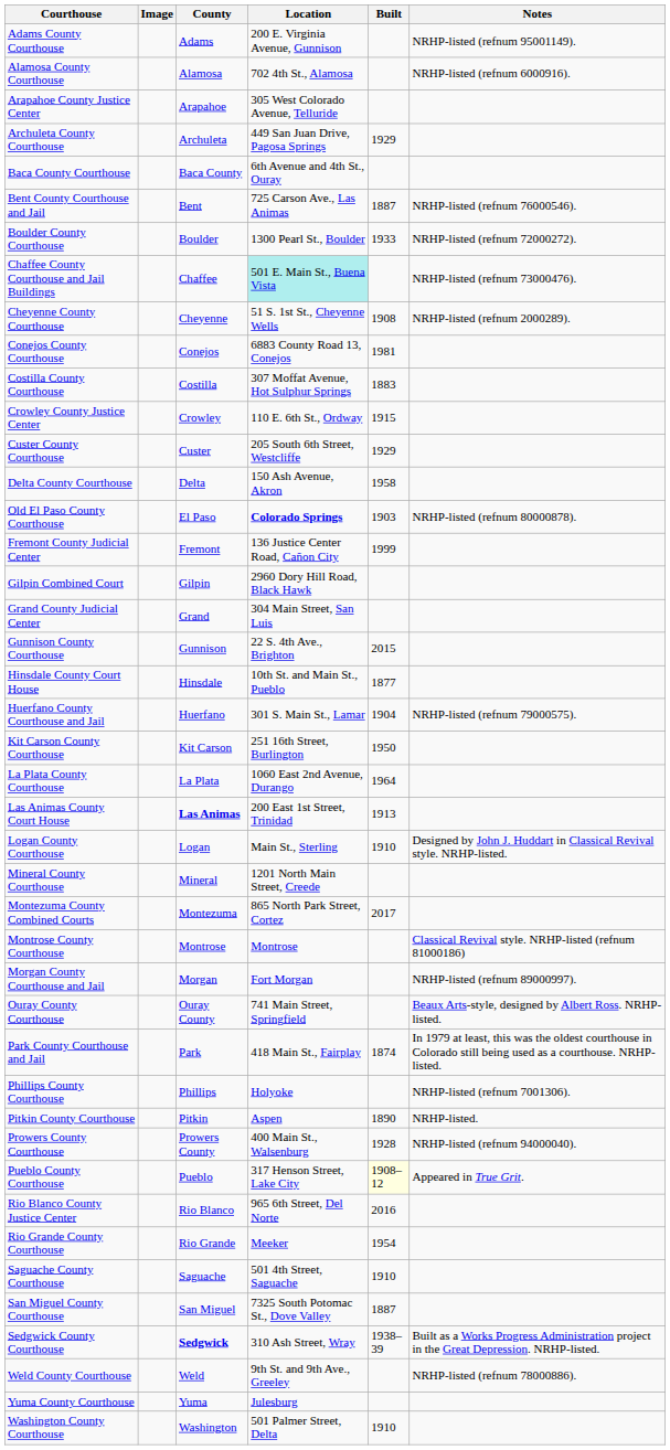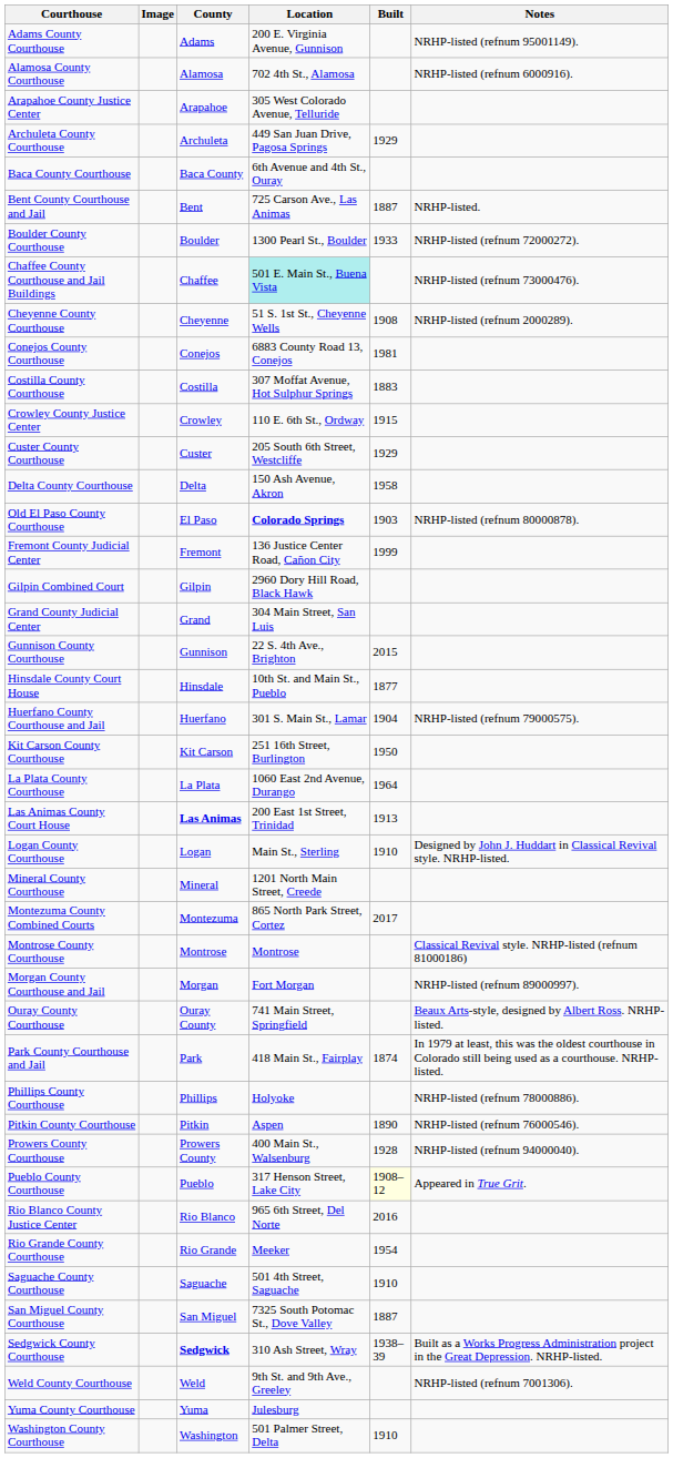 <table class="wikitable sortable sticky-header sort-under">
 <tr>
 <th>Courthouse</th>
 <th>Image</th>
 <th>County</th>
 <th>Location</th>
 <th>Built</th>
 <th>Notes</th>
 </tr>
 <tr>
 <td><a href='#'>Adams County Courthouse</a></td>
 <td></td>
 <td><a href='#'>Adams</a></td>
 <td>200 E. Virginia Avenue, <a href='#'>Gunnison</a><br><small></small></td>
 <td></td>
 <td>NRHP-listed (refnum 95001149).</td>
 </tr>
 <tr>
 <td><a href='#'>Alamosa County Courthouse</a></td>
 <td></td>
 <td><a href='#'>Alamosa</a></td>
 <td>702 4th St., <a href='#'>Alamosa</a><br><small></small></td>
 <td></td>
 <td>NRHP-listed (refnum 6000916).</td>
 </tr>
 <tr>
 <td><a href='#'>Arapahoe County Justice Center</a></td>
 <td></td>
 <td><a href='#'>Arapahoe</a></td>
 <td>305 West Colorado Avenue, <a href='#'>Telluride</a><br><small></small></td>
 <td></td>
 <td></td>
 </tr>
 <tr>
 <td><a href='#'>Archuleta County Courthouse</a></td>
 <td></td>
 <td><a href='#'>Archuleta</a></td>
 <td>449 San Juan Drive, <a href='#'>Pagosa Springs</a><br><small></small></td>
 <td>1929</td>
 <td></td>
 </tr>
 <tr>
 <td><a href='#'>Baca County Courthouse</a></td>
 <td></td>
 <td><a href='#'>Baca County</a></td>
 <td>6th Avenue and 4th St., <a href='#'>Ouray</a><br><small></small></td>
 <td></td>
 <td></td>
 </tr>
 <tr>
 <td><a href='#'>Bent County Courthouse and Jail</a></td>
 <td></td>
 <td><a href='#'>Bent</a></td>
 <td>725 Carson Ave., <a href='#'>Las Animas</a><br><small></small></td>
 <td>1887</td>
-<td>NRHP-listed (refnum 76000546).</td>
+<td>NRHP-listed.</td>
 </tr>
 <tr>
 <td><a href='#'>Boulder County Courthouse</a></td>
 <td></td>
 <td><a href='#'>Boulder</a></td>
 <td>1300 Pearl St., <a href='#'>Boulder</a><br><small></small></td>
 <td>1933</td>
 <td>NRHP-listed (refnum 72000272).</td>
 </tr>
 <tr>
 <td><a href='#'>Chaffee County Courthouse and Jail Buildings</a></td>
 <td></td>
 <td><a href='#'>Chaffee</a></td>
 <td style="background: paleturquoise;">501 E. Main St., <a href='#'>Buena Vista</a><br><small></small></td>
 <td></td>
 <td>NRHP-listed (refnum 73000476).</td>
 </tr>
 <tr>
 <td><a href='#'>Cheyenne County Courthouse</a></td>
 <td></td>
 <td><a href='#'>Cheyenne</a></td>
 <td>51 S. 1st St., <a href='#'>Cheyenne Wells</a><br><small></small></td>
 <td>1908</td>
 <td>NRHP-listed (refnum 2000289).</td>
 </tr>
 <tr>
 <td><a href='#'>Conejos County Courthouse</a></td>
 <td></td>
 <td><a href='#'>Conejos</a></td>
 <td>6883 County Road 13, <a href='#'>Conejos</a><br><small></small></td>
 <td>1981</td>
 <td></td>
 </tr>
 <tr>
 <td><a href='#'>Costilla County Courthouse</a></td>
 <td></td>
 <td><a href='#'>Costilla</a></td>
 <td>307 Moffat Avenue, <a href='#'>Hot Sulphur Springs</a><br><small></small></td>
 <td>1883</td>
 <td></td>
 </tr>
 <tr>
 <td><a href='#'>Crowley County Justice Center</a></td>
 <td></td>
 <td><a href='#'>Crowley</a></td>
 <td>110 E. 6th St., <a href='#'>Ordway</a><br><small></small></td>
 <td>1915</td>
 <td></td>
 </tr>
 <tr>
 <td><a href='#'>Custer County Courthouse</a></td>
 <td></td>
 <td><a href='#'>Custer</a></td>
 <td>205 South 6th Street, <a href='#'>Westcliffe</a><br><small></small></td>
 <td>1929</td>
 <td></td>
 </tr>
 <tr>
 <td><a href='#'>Delta County Courthouse</a></td>
 <td></td>
 <td><a href='#'>Delta</a></td>
 <td>150 Ash Avenue, <a href='#'>Akron</a><br><small></small></td>
 <td>1958</td>
 <td></td>
 </tr>
 <tr>
 <td><a href='#'>Old El Paso County Courthouse</a></td>
 <td></td>
 <td><a href='#'>El Paso</a></td>
 <td><strong><a href='#'>Colorado Springs</a></strong></td>
 <td>1903</td>
 <td>NRHP-listed (refnum 80000878).</td>
 </tr>
 <tr>
 <td><a href='#'>Fremont County Judicial Center</a></td>
 <td></td>
 <td><a href='#'>Fremont</a></td>
 <td>136 Justice Center Road, <a href='#'>Cañon City</a><br><small></small></td>
 <td>1999</td>
 <td></td>
 </tr>
 <tr>
 <td><a href='#'>Gilpin Combined Court</a></td>
 <td></td>
 <td><a href='#'>Gilpin</a></td>
 <td>2960 Dory Hill Road, <a href='#'>Black Hawk</a><br><small></small></td>
 <td></td>
 </tr>
 <tr>
 <td><a href='#'>Grand County Judicial Center</a></td>
 <td></td>
 <td><a href='#'>Grand</a></td>
 <td>304 Main Street, <a href='#'>San Luis</a><br><small></small></td>
 <td></td>
 <td></td>
 </tr>
 <tr>
 <td><a href='#'>Gunnison County Courthouse</a></td>
 <td></td>
 <td><a href='#'>Gunnison</a></td>
 <td>22 S. 4th Ave., <a href='#'>Brighton</a><br><small></small></td>
 <td>2015</td>
 <td></td>
 </tr>
 <tr>
 <td><a href='#'>Hinsdale County Court House</a></td>
 <td></td>
 <td><a href='#'>Hinsdale</a></td>
 <td>10th St. and Main St., <a href='#'>Pueblo</a><br><small></small></td>
 <td>1877</td>
 <td></td>
 </tr>
 <tr>
 <td><a href='#'>Huerfano County Courthouse and Jail</a></td>
 <td></td>
 <td><a href='#'>Huerfano</a></td>
 <td>301 S. Main St., <a href='#'>Lamar</a><br><small></small></td>
 <td>1904</td>
 <td>NRHP-listed (refnum 79000575).</td>
 </tr>
 <tr>
 <td><a href='#'>Kit Carson County Courthouse</a></td>
 <td></td>
 <td><a href='#'>Kit Carson</a></td>
 <td>251 16th Street, <a href='#'>Burlington</a><br><small></small></td>
 <td>1950</td>
 <td></td>
 </tr>
 <tr>
 <td><a href='#'>La Plata County Courthouse</a></td>
 <td></td>
 <td><a href='#'>La Plata</a></td>
 <td>1060 East 2nd Avenue, <a href='#'>Durango</a><br><small></small></td>
 <td>1964</td>
 <td></td>
 </tr>
 <tr>
 <td><a href='#'>Las Animas County Court House</a></td>
 <td></td>
 <td><strong><a href='#'>Las Animas</a></strong></td>
 <td>200 East 1st Street, <a href='#'>Trinidad</a><br><small></small></td>
 <td>1913</td>
 <td></td>
 </tr>
 <tr>
 <td><a href='#'>Logan County Courthouse</a></td>
 <td></td>
 <td><a href='#'>Logan</a></td>
 <td>Main St., <a href='#'>Sterling</a><br><small></small></td>
 <td>1910</td>
 <td>Designed by <a href='#'>John J. Huddart</a> in <a href='#'>Classical Revival</a> style. NRHP-listed.</td>
 </tr>
 <tr>
 <td><a href='#'>Mineral County Courthouse</a></td>
 <td></td>
 <td><a href='#'>Mineral</a></td>
 <td>1201 North Main Street, <a href='#'>Creede</a><br><small></small></td>
 <td></td>
 <td></td>
 </tr>
 <tr>
 <td><a href='#'>Montezuma County Combined Courts</a></td>
 <td></td>
 <td><a href='#'>Montezuma</a></td>
 <td>865 North Park Street, <a href='#'>Cortez</a><br><small></small></td>
 <td>2017</td>
 <td></td>
 </tr>
 <tr>
 <td><a href='#'>Montrose County Courthouse</a></td>
 <td></td>
 <td><a href='#'>Montrose</a></td>
 <td><a href='#'>Montrose</a></td>
 <td></td>
 <td><a href='#'>Classical Revival</a> style. NRHP-listed (refnum 81000186)</td>
 </tr>
 <tr>
 <td><a href='#'>Morgan County Courthouse and Jail</a></td>
 <td></td>
 <td><a href='#'>Morgan</a></td>
 <td><a href='#'>Fort Morgan</a></td>
 <td></td>
 <td>NRHP-listed (refnum 89000997).</td>
 </tr>
 <tr>
 <td><a href='#'>Ouray County Courthouse</a></td>
 <td></td>
 <td><a href='#'>Ouray County</a></td>
 <td>741 Main Street, <a href='#'>Springfield</a><br><small></small></td>
 <td></td>
 <td><a href='#'>Beaux Arts</a>-style, designed by <a href='#'>Albert Ross</a>. NRHP-listed.</td>
 </tr>
 <tr>
 <td><a href='#'>Park County Courthouse and Jail</a></td>
 <td></td>
 <td><a href='#'>Park</a></td>
 <td>418 Main St., <a href='#'>Fairplay</a><br><small></small></td>
 <td>1874</td>
 <td>In 1979 at least, this was the oldest courthouse in Colorado still being used as a courthouse. NRHP-listed.</td>
 </tr>
 <tr>
 <td><a href='#'>Phillips County Courthouse</a></td>
 <td></td>
 <td><a href='#'>Phillips</a></td>
 <td><a href='#'>Holyoke</a></td>
 <td></td>
-<td>NRHP-listed (refnum 7001306).</td>
+<td>NRHP-listed (refnum 78000886).</td>
 </tr>
 <tr>
 <td><a href='#'>Pitkin County Courthouse</a></td>
 <td></td>
 <td><a href='#'>Pitkin</a></td>
 <td><a href='#'>Aspen</a><br><small></small></td>
 <td>1890</td>
-<td>NRHP-listed.</td>
+<td>NRHP-listed (refnum 76000546).</td>
 </tr>
 <tr>
 <td><a href='#'>Prowers County Courthouse</a></td>
 <td></td>
 <td><a href='#'>Prowers County</a></td>
 <td>400 Main St., <a href='#'>Walsenburg</a><br><small></small></td>
 <td>1928</td>
 <td>NRHP-listed (refnum 94000040).</td>
 </tr>
 <tr>
 <td><a href='#'>Pueblo County Courthouse</a></td>
 <td></td>
 <td><a href='#'>Pueblo</a></td>
 <td>317 Henson Street, <a href='#'>Lake City</a><br><small></small></td>
 <td style="background: lightyellow;">1908–12</td>
 <td>Appeared in <a href='#'><em>True Grit</em></a>.</td>
 </tr>
 <tr>
 <td><a href='#'>Rio Blanco County Justice Center</a></td>
 <td></td>
 <td><a href='#'>Rio Blanco</a></td>
 <td>965 6th Street, <a href='#'>Del Norte</a><br><small></small></td>
 <td>2016</td>
 <td></td>
 </tr>
 <tr>
 <td><a href='#'>Rio Grande County Courthouse</a></td>
 <td></td>
 <td><a href='#'>Rio Grande</a></td>
 <td><a href='#'>Meeker</a></td>
 <td>1954</td>
 <td></td>
 </tr>
 <tr>
 <td><a href='#'>Saguache County Courthouse</a></td>
 <td></td>
 <td><a href='#'>Saguache</a></td>
 <td>501 4th Street, <a href='#'>Saguache</a><br><small></small></td>
 <td>1910</td>
 <td></td>
 </tr>
 <tr>
 <td><a href='#'>San Miguel County Courthouse</a></td>
 <td></td>
 <td><a href='#'>San Miguel</a></td>
 <td>7325 South Potomac St., <a href='#'>Dove Valley</a><br><small></small></td>
 <td>1887</td>
 <td></td>
 </tr>
 <tr>
 <td><a href='#'>Sedgwick County Courthouse</a></td>
 <td></td>
 <td><strong><a href='#'>Sedgwick</a></strong></td>
 <td>310 Ash Street, <a href='#'>Wray</a><br><small></small></td>
 <td>1938–39</td>
 <td>Built as a <a href='#'>Works Progress Administration</a> project in the <a href='#'>Great Depression</a>. NRHP-listed.</td>
 </tr>
 <tr>
 <td><a href='#'>Weld County Courthouse</a></td>
 <td></td>
 <td><a href='#'>Weld</a></td>
 <td>9th St. and 9th Ave., <a href='#'>Greeley</a><br><small></small></td>
 <td></td>
-<td>NRHP-listed (refnum 78000886).</td>
+<td>NRHP-listed (refnum 7001306).</td>
 </tr>
 <tr>
 <td><a href='#'>Yuma County Courthouse</a></td>
 <td></td>
 <td><a href='#'>Yuma</a></td>
 <td><a href='#'>Julesburg</a><br><small></small></td>
 <td></td>
 </tr>
 <tr>
 <td><a href='#'>Washington County Courthouse</a></td>
 <td></td>
 <td><a href='#'>Washington</a></td>
 <td>501 Palmer Street, <a href='#'>Delta</a><br><small></small></td>
 <td>1910</td>
 <td></td>
 </tr>
 </table>
